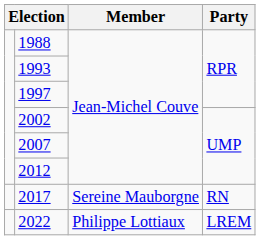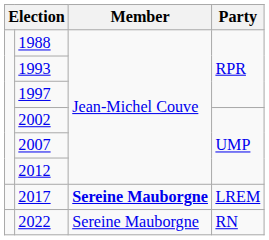 <table class="wikitable">
 <tr>
 <th colspan=2>Election</th>
 <th>Member</th>
 <th>Party</th>
 </tr>
 <tr>
 <td rowspan="6" style="background-color: "></td>
 <td><a href='#'>1988</a></td>
 <td rowspan="6"><a href='#'>Jean-Michel Couve</a></td>
 <td rowspan="3"><a href='#'>RPR</a></td>
 </tr>
 <tr>
 <td><a href='#'>1993</a></td>
 </tr>
 <tr>
 <td><a href='#'>1997</a></td>
 </tr>
 <tr>
 <td><a href='#'>2002</a></td>
 <td rowspan="3"><a href='#'>UMP</a></td>
 </tr>
 <tr>
 <td><a href='#'>2007</a></td>
 </tr>
 <tr>
 <td><a href='#'>2012</a></td>
 </tr>
 <tr>
 <td style="background-color: "></td>
 <td><a href='#'>2017</a></td>
-<td><a href='#'>Sereine Mauborgne</a></td>
-<td><a href='#'>RN</a></td>
+<td><strong><a href='#'>Sereine Mauborgne</a></strong></td>
+<td><a href='#'>LREM</a></td>
 </tr>
 <tr>
 <td style="background-color: "></td>
 <td><a href='#'>2022</a></td>
-<td><a href='#'>Philippe Lottiaux</a></td>
-<td><a href='#'>LREM</a></td>
+<td><a href='#'>Sereine Mauborgne</a></td>
+<td><a href='#'>RN</a></td>
 </tr>
 </table>
